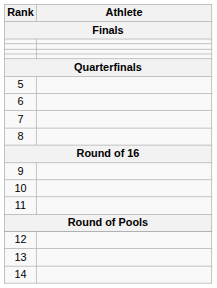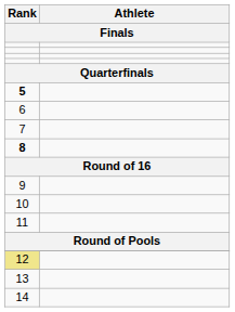 <table class="wikitable" style="text-align:center;">
 <tr>
 <th width=40>Rank</th>
 <th width=250>Athlete</th>
 </tr>
 <tr>
 <th colspan="2">Finals</th>
 </tr>
 <tr>
 <td></td>
 <td align=left></td>
 </tr>
 <tr>
 <td></td>
 <td align=left></td>
 </tr>
 <tr>
 <td></td>
 <td align=left></td>
 </tr>
 <tr>
 <td></td>
 <td align=left></td>
 </tr>
 <tr>
 <th colspan="2">Quarterfinals</th>
 </tr>
 <tr>
-<td>5</td>
+<td><strong>5</strong></td>
 <td align=left></td>
 </tr>
 <tr>
 <td>6</td>
 <td align=left></td>
 </tr>
 <tr>
 <td>7</td>
 <td align=left></td>
 </tr>
 <tr>
-<td>8</td>
+<td><strong>8</strong></td>
 <td align=left></td>
 </tr>
 <tr>
 <th colspan="2">Round of 16</th>
 </tr>
 <tr>
 <td>9</td>
 <td align=left></td>
 </tr>
 <tr>
 <td>10</td>
 <td align=left></td>
 </tr>
 <tr>
 <td>11</td>
 <td align=left></td>
 </tr>
 <tr>
 <th colspan="2">Round of Pools</th>
 </tr>
 <tr>
 </tr>
 <tr>
-<td>12</td>
+<td style="background: khaki;">12</td>
 <td align=left></td>
 </tr>
 <tr>
 <td>13</td>
 <td align=left></td>
 </tr>
 <tr>
 <td>14</td>
 <td align=left></td>
 </tr>
 </table>
